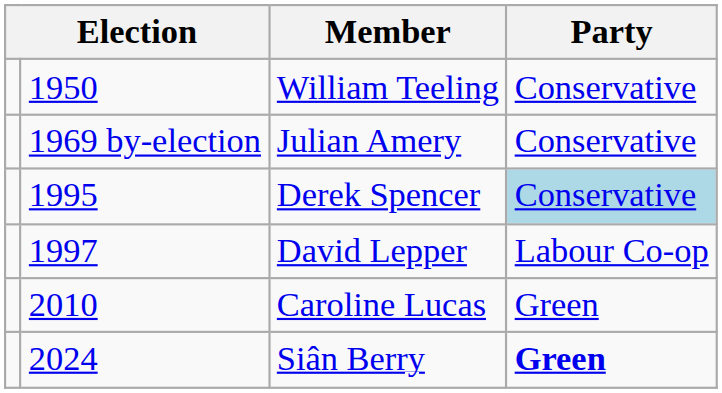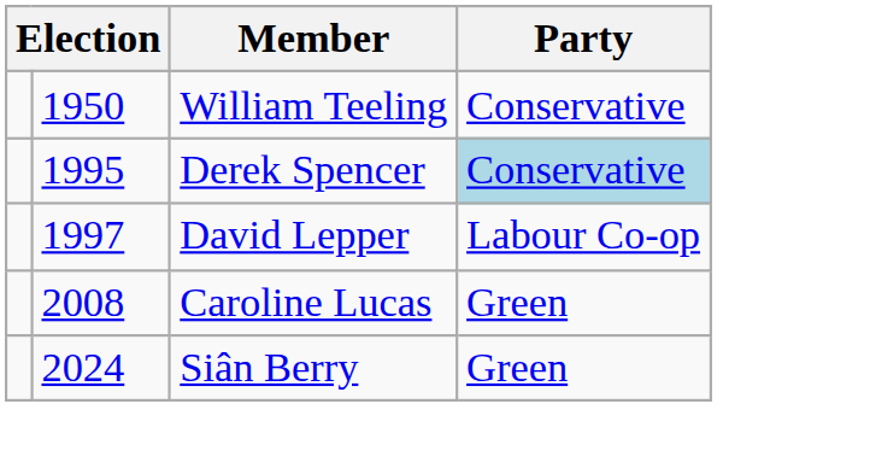 <table class="wikitable">
 <tr>
 <th colspan="2">Election</th>
 <th>Member</th>
 <th>Party</th>
 </tr>
 <tr>
 <td style="color:inherit;background-color: "></td>
 <td><a href='#'>1950</a></td>
 <td><a href='#'>William Teeling</a></td>
-<td><a href='#'>Conservative</a></td>
-</tr>
-<tr>
-<td style="color:inherit;background-color: "></td>
-<td><a href='#'>1969 by-election</a></td>
-<td><a href='#'>Julian Amery</a></td>
 <td><a href='#'>Conservative</a></td>
 </tr>
 <tr>
 <td style="color:inherit;background-color: "></td>
 <td><a href='#'>1995</a></td>
 <td><a href='#'>Derek Spencer</a></td>
 <td style="background: lightblue;"><a href='#'>Conservative</a></td>
 </tr>
 <tr>
 <td style="color:inherit;background-color: "></td>
 <td><a href='#'>1997</a></td>
 <td><a href='#'>David Lepper</a></td>
 <td><a href='#'>Labour Co-op</a></td>
 </tr>
 <tr>
 <td style="color:inherit;background-color: "></td>
-<td><a href='#'>2010</a></td>
+<td><a href='#'>2008</a></td>
 <td><a href='#'>Caroline Lucas</a></td>
 <td><a href='#'>Green</a></td>
 </tr>
 <tr>
 <td style="color:inherit;background-color: "></td>
 <td><a href='#'>2024</a></td>
 <td><a href='#'>Siân Berry</a></td>
-<td><strong><a href='#'>Green</a></strong></td>
+<td><a href='#'>Green</a></td>
 </tr>
 </table>
